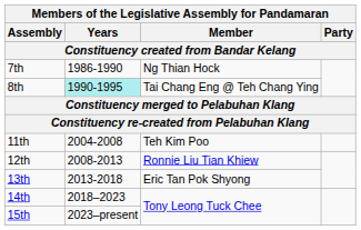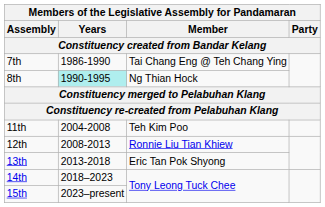 <table class=wikitable>
 <tr>
 <th colspan=4>Members of the Legislative Assembly for Pandamaran</th>
 </tr>
 <tr>
 <th>Assembly</th>
 <th>Years</th>
 <th>Member</th>
 <th>Party</th>
 </tr>
 <tr>
 <th colspan=4 align=center><em>Constituency created from Bandar Kelang</em></th>
 </tr>
 <tr>
 <td>7th</td>
 <td>1986-1990</td>
-<td>Ng Thian Hock</td>
+<td>Tai Chang Eng @ Teh Chang Ying</td>
 <td rowspan=2></td>
 </tr>
 <tr>
 <td>8th</td>
 <td style="background: paleturquoise;">1990-1995</td>
-<td>Tai Chang Eng @ Teh Chang Ying</td>
+<td>Ng Thian Hock</td>
 </tr>
 <tr>
 <th colspan=4 align=center><em>Constituency merged to Pelabuhan Klang</em></th>
 </tr>
 <tr>
 <th colspan=4 align=center><em>Constituency re-created from Pelabuhan Klang</em></th>
 </tr>
 <tr>
 <td>11th</td>
 <td>2004-2008</td>
 <td>Teh Kim Poo</td>
 <td></td>
 </tr>
 <tr>
 <td>12th</td>
 <td>2008-2013</td>
 <td><a href='#'>Ronnie Liu Tian Khiew</a></td>
 <td rowspan=2></td>
 </tr>
 <tr>
 <td><a href='#'>13th</a></td>
 <td>2013-2018</td>
 <td>Eric Tan Pok Shyong</td>
 </tr>
 <tr>
 <td><a href='#'>14th</a></td>
 <td>2018–2023</td>
 <td rowspan="2"><a href='#'>Tony Leong Tuck Chee</a></td>
 <td rowspan="2"></td>
 </tr>
 <tr>
 <td><a href='#'>15th</a></td>
 <td>2023–present</td>
 </tr>
 </table>
